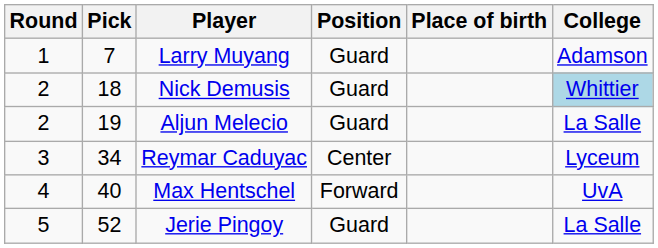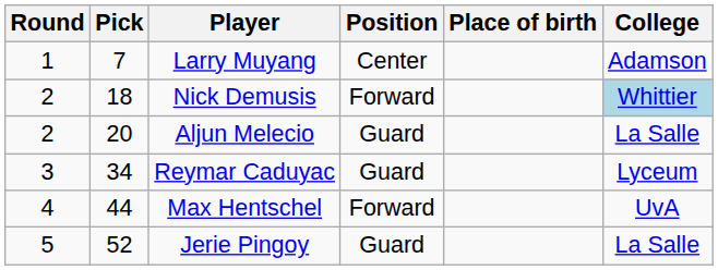 <table class="wikitable sortable sortable" style="text-align:center">
 <tr>
 <th>Round</th>
 <th>Pick</th>
 <th>Player</th>
 <th>Position</th>
 <th>Place of birth</th>
 <th>College</th>
 </tr>
 <tr>
 <td>1</td>
 <td>7</td>
 <td><a href='#'>Larry Muyang</a></td>
-<td>Guard</td>
+<td>Center</td>
 <td></td>
 <td><a href='#'>Adamson</a></td>
 </tr>
 <tr>
 <td>2</td>
 <td>18</td>
 <td><a href='#'>Nick Demusis</a></td>
-<td>Guard</td>
+<td>Forward</td>
 <td></td>
 <td style="background: lightblue;"><a href='#'>Whittier</a></td>
 </tr>
 <tr>
 <td>2</td>
-<td>19</td>
+<td>20</td>
 <td><a href='#'>Aljun Melecio</a></td>
 <td>Guard</td>
 <td></td>
 <td><a href='#'>La Salle</a></td>
 </tr>
 <tr>
 <td>3</td>
 <td>34</td>
 <td><a href='#'>Reymar Caduyac</a></td>
-<td>Center</td>
+<td>Guard</td>
 <td></td>
 <td><a href='#'>Lyceum</a></td>
 </tr>
 <tr>
 <td>4</td>
-<td>40</td>
+<td>44</td>
 <td><a href='#'>Max Hentschel</a></td>
 <td>Forward</td>
 <td></td>
 <td><a href='#'>UvA</a></td>
 </tr>
 <tr>
 <td>5</td>
 <td>52</td>
 <td><a href='#'>Jerie Pingoy</a></td>
 <td>Guard</td>
 <td></td>
 <td><a href='#'>La Salle</a></td>
 </tr>
 </table>
